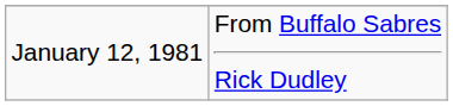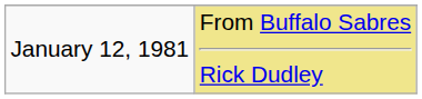 <table class="wikitable">
 <tr>
 </tr>
 <tr>
 <td>January 12, 1981</td>
-<td valign="top">From <a href='#'>Buffalo Sabres</a><hr><a href='#'>Rick Dudley</a></td>
+<td valign="top" style="background: khaki;">From <a href='#'>Buffalo Sabres</a><hr><a href='#'>Rick Dudley</a></td>
 </tr>
 </table>
